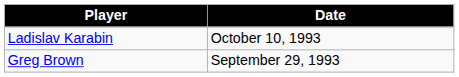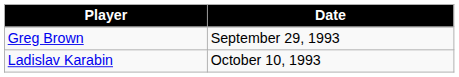 <table class="wikitable" style="width:40%;">
 <tr style="text-align:center; background:#ddd;">
 <th style="color:white; background:#000000; ">Player</th>
 <th style="color:white; background:#000000; ">Date</th>
 </tr>
 <tr>
+<td><a href='#'>Greg Brown</a></td>
+<td>September 29, 1993</td>
+</tr>
+<tr>
 <td><a href='#'>Ladislav Karabin</a></td>
 <td>October 10, 1993</td>
 </tr>
-<tr>
-<td><a href='#'>Greg Brown</a></td>
-<td>September 29, 1993</td>
-</tr>
 </table>
